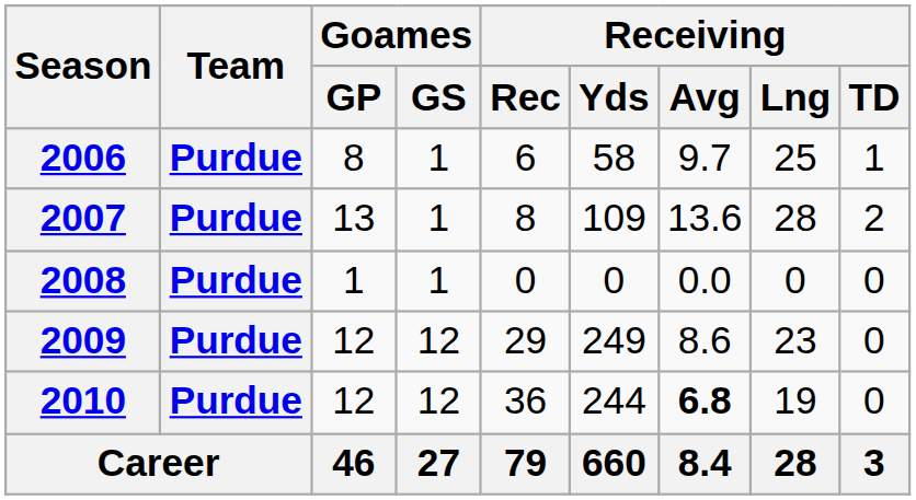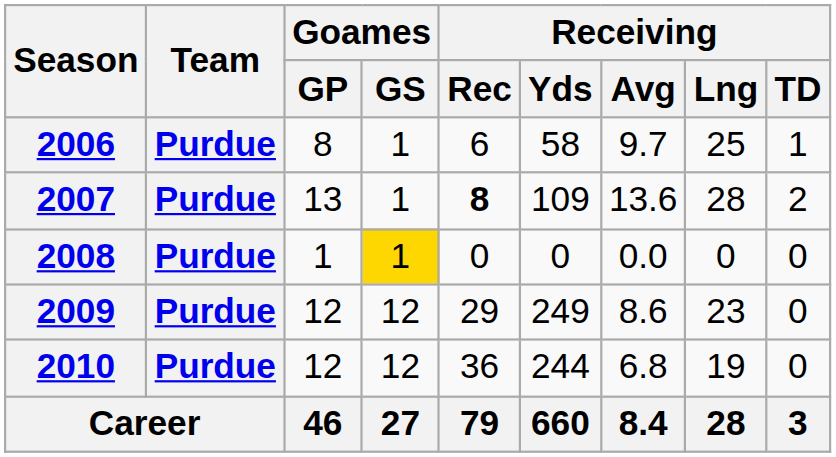 <table class="wikitable" style="text-align:center;">
 <tr>
 <th rowspan="2">Season</th>
 <th rowspan="2">Team</th>
 <th colspan="2">Goames</th>
 <th colspan="5">Receiving</th>
 </tr>
 <tr>
 <th>GP</th>
 <th>GS</th>
 <th>Rec</th>
 <th>Yds</th>
 <th>Avg</th>
 <th>Lng</th>
 <th>TD</th>
 </tr>
 <tr>
 <th><a href='#'>2006</a></th>
 <th><a href='#'>Purdue</a></th>
 <td>8</td>
 <td>1</td>
 <td>6</td>
 <td>58</td>
 <td>9.7</td>
 <td>25</td>
 <td>1</td>
 </tr>
 <tr>
 <th><a href='#'>2007</a></th>
 <th><a href='#'>Purdue</a></th>
 <td>13</td>
 <td>1</td>
-<td>8</td>
+<td><strong>8</strong></td>
 <td>109</td>
 <td>13.6</td>
 <td>28</td>
 <td>2</td>
 </tr>
 <tr>
 <th><a href='#'>2008</a></th>
 <th><a href='#'>Purdue</a></th>
 <td>1</td>
-<td>1</td>
+<td style="background: gold;">1</td>
 <td>0</td>
 <td>0</td>
 <td>0.0</td>
 <td>0</td>
 <td>0</td>
 </tr>
 <tr>
 <th><a href='#'>2009</a></th>
 <th><a href='#'>Purdue</a></th>
 <td>12</td>
 <td>12</td>
 <td>29</td>
 <td>249</td>
 <td>8.6</td>
 <td>23</td>
 <td>0</td>
 </tr>
 <tr>
 <th><a href='#'>2010</a></th>
 <th><a href='#'>Purdue</a></th>
 <td>12</td>
 <td>12</td>
 <td>36</td>
 <td>244</td>
-<td><strong>6.8</strong></td>
+<td>6.8</td>
 <td>19</td>
 <td>0</td>
 </tr>
 <tr>
 <th colspan="2">Career</th>
 <th>46</th>
 <th>27</th>
 <th>79</th>
 <th>660</th>
 <th>8.4</th>
 <th>28</th>
 <th>3</th>
 </tr>
 </table>
